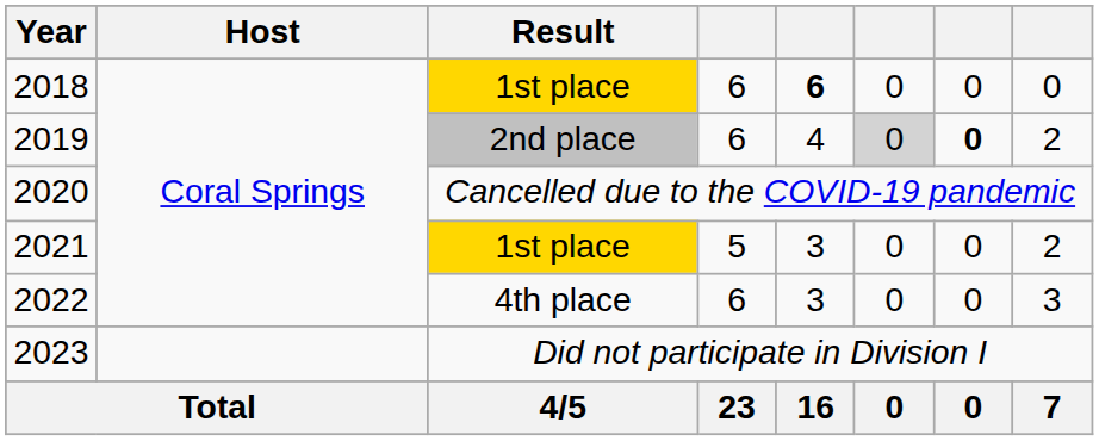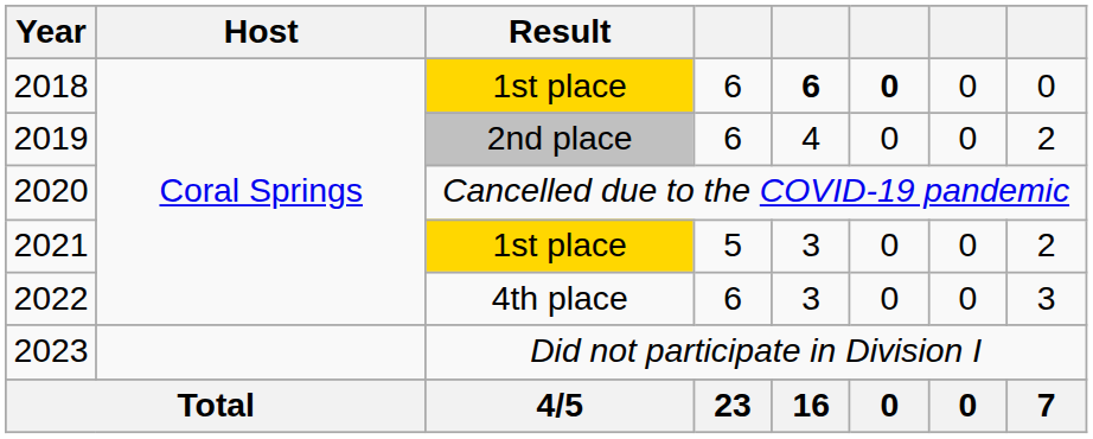 <table class="wikitable" style="text-align:center">
 <tr>
 <th width=30>Year</th>
 <th width=150>Host</th>
 <th width=120>Result</th>
 <th width=30></th>
 <th width=30></th>
 <th width=30></th>
 <th width=30></th>
 <th width=30></th>
 </tr>
 <tr>
 <td>2018</td>
 <td rowspan=5> <a href='#'>Coral Springs</a></td>
 <td bgcolor="gold"> 1st place</td>
 <td>6</td>
 <td><strong>6</strong></td>
-<td>0</td>
+<td><strong>0</strong></td>
 <td>0</td>
 <td>0</td>
 </tr>
 <tr>
 <td>2019</td>
 <td bgcolor="silver"> 2nd place<br></td>
 <td>6</td>
 <td>4</td>
-<td style="background: lightgrey;">0</td>
-<td><strong>0</strong></td>
+<td>0</td>
+<td>0</td>
 <td>2</td>
 </tr>
 <tr>
 <td>2020</td>
 <td colspan=6><em>Cancelled due to the <a href='#'>COVID-19 pandemic</a></em></td>
 </tr>
 <tr>
 <td>2021</td>
 <td bgcolor="gold"> 1st place<br></td>
 <td>5</td>
 <td>3</td>
 <td>0</td>
 <td>0</td>
 <td>2</td>
 </tr>
 <tr>
 <td>2022</td>
 <td>4th place<br></td>
 <td>6</td>
 <td>3</td>
 <td>0</td>
 <td>0</td>
 <td>3</td>
 </tr>
 <tr>
 <td>2023</td>
 <td></td>
 <td colspan="6"><em>Did not participate in Division I</em></td>
 </tr>
 <tr>
 <th colspan=2>Total</th>
 <th>4/5</th>
 <th>23</th>
 <th>16</th>
 <th>0</th>
 <th>0</th>
 <th>7</th>
 </tr>
 </table>
